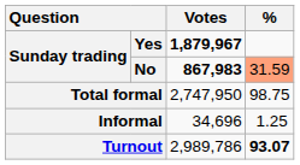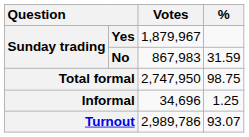 <table class="wikitable" align="center">
 <tr ---->
 <th colspan="2" style="text-align:left">Question</th>
 <th>Votes</th>
 <th>%</th>
 </tr>
 <tr>
 <th rowspan="2" style="text-align:left">Sunday trading</th>
 <th style="text-align:left">Yes</th>
-<td align="right"><strong>1,879,967</strong></td>
+<td align="right">1,879,967</td>
 <td></td>
 </tr>
 <tr>
 <th style="text-align:left">No</th>
-<td align="right"><strong>867,983</strong></td>
-<td align="center" style="background: lightsalmon;">31.59</td>
+<td align="right">867,983</td>
+<td align="center">31.59</td>
 </tr>
 <tr>
 <th colspan="2" style="text-align:right">Total formal</th>
 <td align="right">2,747,950</td>
 <td align="center">98.75</td>
 </tr>
 <tr>
 <th colspan="2" style="text-align:right">Informal</th>
 <td align="right">34,696</td>
 <td align="center"> 1.25</td>
 </tr>
 <tr>
 <th colspan="2" style="text-align:right"><a href='#'>Turnout</a></th>
 <td align="right">2,989,786</td>
-<td align="center"><strong>93.07</strong></td>
+<td align="center">93.07</td>
 </tr>
 </table>
